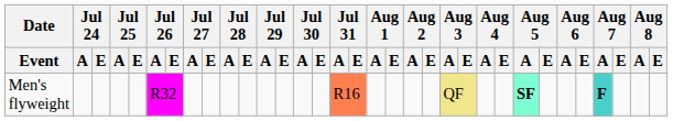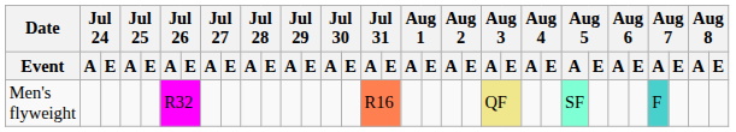 <table class="wikitable olympic-schedule Boxing">
 <tr>
 <th>Date</th>
 <th colspan="2">Jul 24</th>
 <th colspan="2">Jul 25</th>
 <th colspan="2">Jul 26</th>
 <th colspan="2">Jul 27</th>
 <th colspan="2">Jul 28</th>
 <th colspan="2">Jul 29</th>
 <th colspan="2">Jul 30</th>
 <th colspan="2">Jul 31</th>
 <th colspan="2">Aug 1</th>
 <th colspan="2">Aug 2</th>
 <th colspan="2">Aug 3</th>
 <th colspan="2">Aug 4</th>
 <th colspan="2">Aug 5</th>
 <th colspan="2">Aug 6</th>
 <th colspan="2">Aug 7</th>
 <th colspan="2">Aug 8</th>
 </tr>
 <tr>
 <th>Event</th>
 <th>A</th>
 <th>E</th>
 <th>A</th>
 <th>E</th>
 <th>A</th>
 <th>E</th>
 <th>A</th>
 <th>E</th>
 <th>A</th>
 <th>E</th>
 <th>A</th>
 <th>E</th>
 <th>A</th>
 <th>E</th>
 <th>A</th>
 <th>E</th>
 <th>A</th>
 <th>E</th>
 <th>A</th>
 <th>E</th>
 <th>A</th>
 <th>E</th>
 <th>A</th>
 <th>E</th>
 <th>A</th>
 <th>E</th>
 <th>A</th>
 <th>E</th>
 <th>A</th>
 <th>E</th>
 <th>A</th>
 <th>E</th>
 </tr>
 <tr>
 <td class="event">Men's flyweight</td>
 <td></td>
 <td></td>
 <td></td>
 <td></td>
 <td colspan="2" bgcolor="#FF00FF" class="roundof32">R32</td>
 <td></td>
 <td></td>
 <td></td>
 <td></td>
 <td></td>
 <td></td>
 <td></td>
 <td></td>
 <td colspan="2" bgcolor="#FF7F50" class="roundof16">R16</td>
 <td></td>
 <td></td>
 <td></td>
 <td></td>
 <td colspan="2" bgcolor="#F0E68C" class="quarterfinals">QF</td>
 <td></td>
 <td></td>
-<td bgcolor="#7FFFD4" class="semifinals"><strong>SF</strong></td>
+<td bgcolor="#7FFFD4" class="semifinals">SF</td>
 <td></td>
 <td></td>
 <td></td>
-<td bgcolor="#48D1CC" class="final"><strong>F</strong></td>
+<td bgcolor="#48D1CC" class="final">F</td>
 <td></td>
 <td></td>
 <td></td>
 </tr>
 </table>
